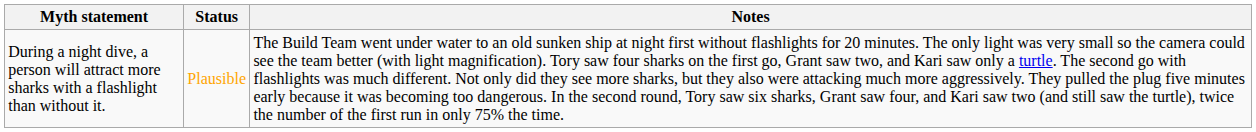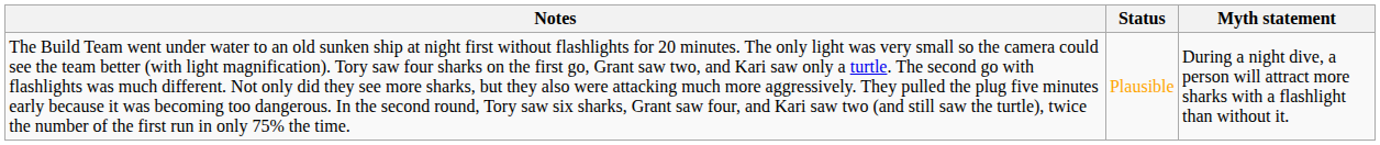 <table class="wikitable plainrowheaders">
 <tr>
+<th>Notes</th>
+<th>Status</th>
 <th>Myth statement</th>
-<th>Status</th>
-<th>Notes</th>
 </tr>
 <tr>
+<td>The Build Team went under water to an old sunken ship at night first without flashlights for 20 minutes. The only light was very small so the camera could see the team better (with light magnification). Tory saw four sharks on the first go, Grant saw two, and Kari saw only a <a href='#'>turtle</a>. The second go with flashlights was much different. Not only did they see more sharks, but they also were attacking much more aggressively. They pulled the plug five minutes early because it was becoming too dangerous. In the second round, Tory saw six sharks, Grant saw four, and Kari saw two (and still saw the turtle), twice the number of the first run in only 75% the time.</td>
+<td style="color:orange">Plausible</td>
 <td>During a night dive, a person will attract more sharks with a flashlight than without it.</td>
-<td style="color:orange">Plausible</td>
-<td>The Build Team went under water to an old sunken ship at night first without flashlights for 20 minutes. The only light was very small so the camera could see the team better (with light magnification). Tory saw four sharks on the first go, Grant saw two, and Kari saw only a <a href='#'>turtle</a>. The second go with flashlights was much different. Not only did they see more sharks, but they also were attacking much more aggressively. They pulled the plug five minutes early because it was becoming too dangerous. In the second round, Tory saw six sharks, Grant saw four, and Kari saw two (and still saw the turtle), twice the number of the first run in only 75% the time.</td>
 </tr>
 </table>
